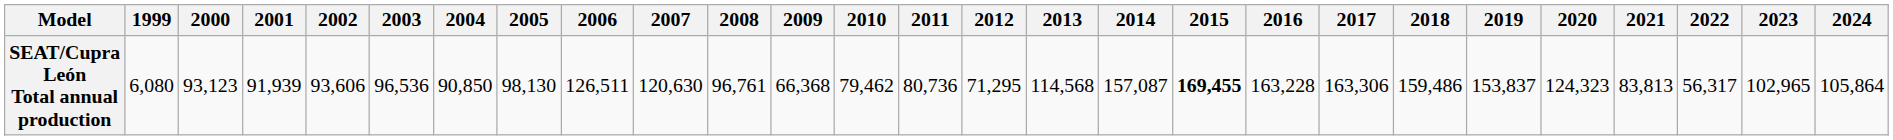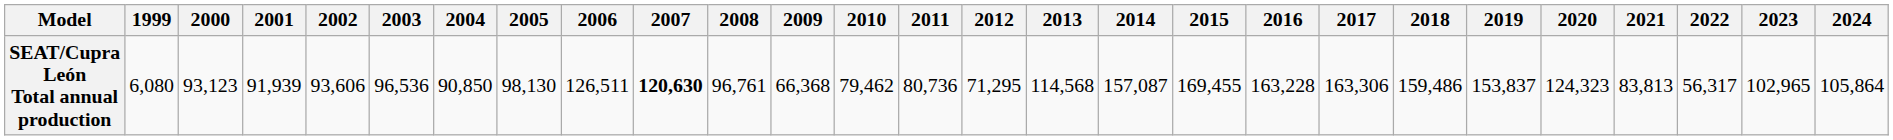 <table class="wikitable" style="text-align:center">
 <tr>
 <th>Model</th>
 <th>1999<br></th>
 <th>2000<br></th>
 <th>2001<br></th>
 <th>2002<br></th>
 <th>2003<br></th>
 <th>2004<br></th>
 <th>2005<br></th>
 <th>2006<br></th>
 <th>2007<br></th>
 <th>2008<br></th>
 <th>2009<br></th>
 <th>2010<br></th>
 <th>2011<br></th>
 <th>2012<br></th>
 <th>2013<br></th>
 <th>2014<br></th>
 <th>2015<br></th>
 <th>2016<br></th>
 <th>2017<br></th>
 <th>2018<br></th>
 <th>2019<br></th>
 <th>2020<br></th>
 <th>2021<br></th>
 <th>2022<br></th>
 <th>2023<br></th>
 <th>2024<br></th>
 </tr>
 <tr>
 <th>SEAT/Cupra León<br>Total annual production</th>
 <td style="text-align:center">6,080</td>
 <td>93,123</td>
 <td>91,939</td>
 <td>93,606</td>
 <td>96,536</td>
 <td>90,850</td>
 <td>98,130</td>
 <td>126,511</td>
-<td>120,630</td>
+<td><strong>120,630</strong></td>
 <td>96,761</td>
 <td>66,368</td>
 <td>79,462</td>
 <td>80,736</td>
 <td>71,295</td>
 <td>114,568</td>
 <td>157,087</td>
-<td><strong>169,455</strong></td>
+<td>169,455</td>
 <td>163,228</td>
 <td>163,306</td>
 <td>159,486</td>
 <td>153,837</td>
 <td>124,323</td>
 <td>83,813</td>
 <td>56,317</td>
 <td>102,965</td>
 <td>105,864</td>
 </tr>
 </table>
